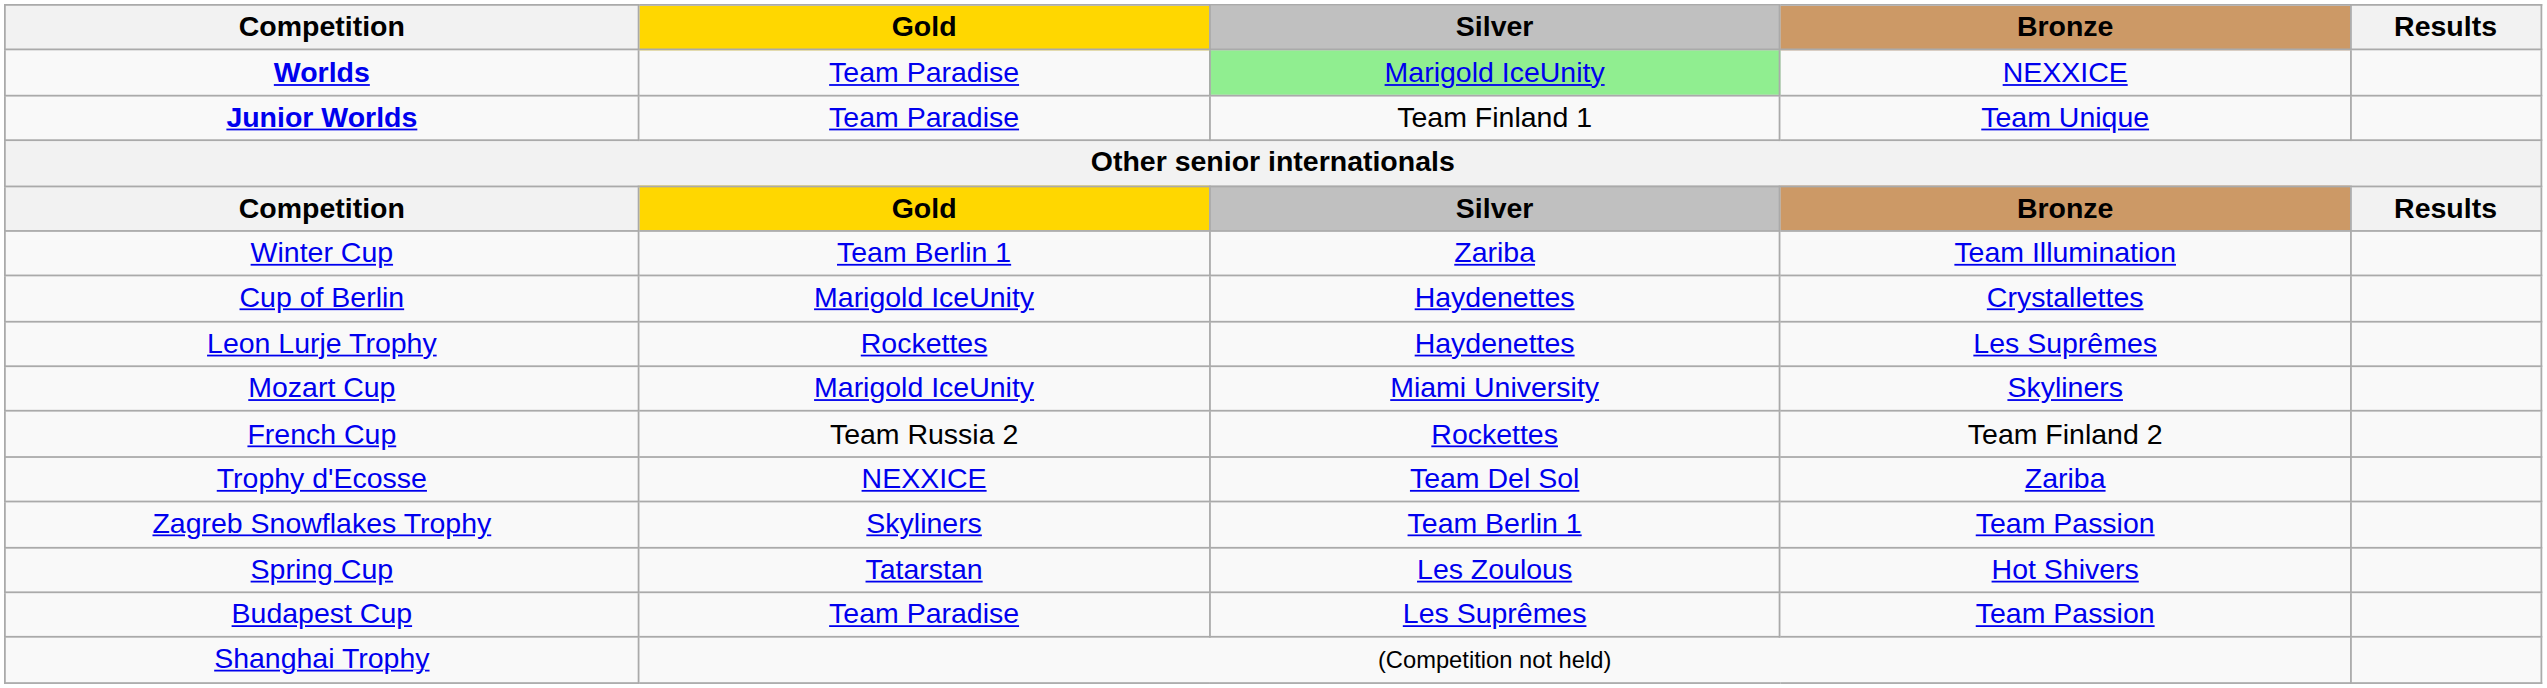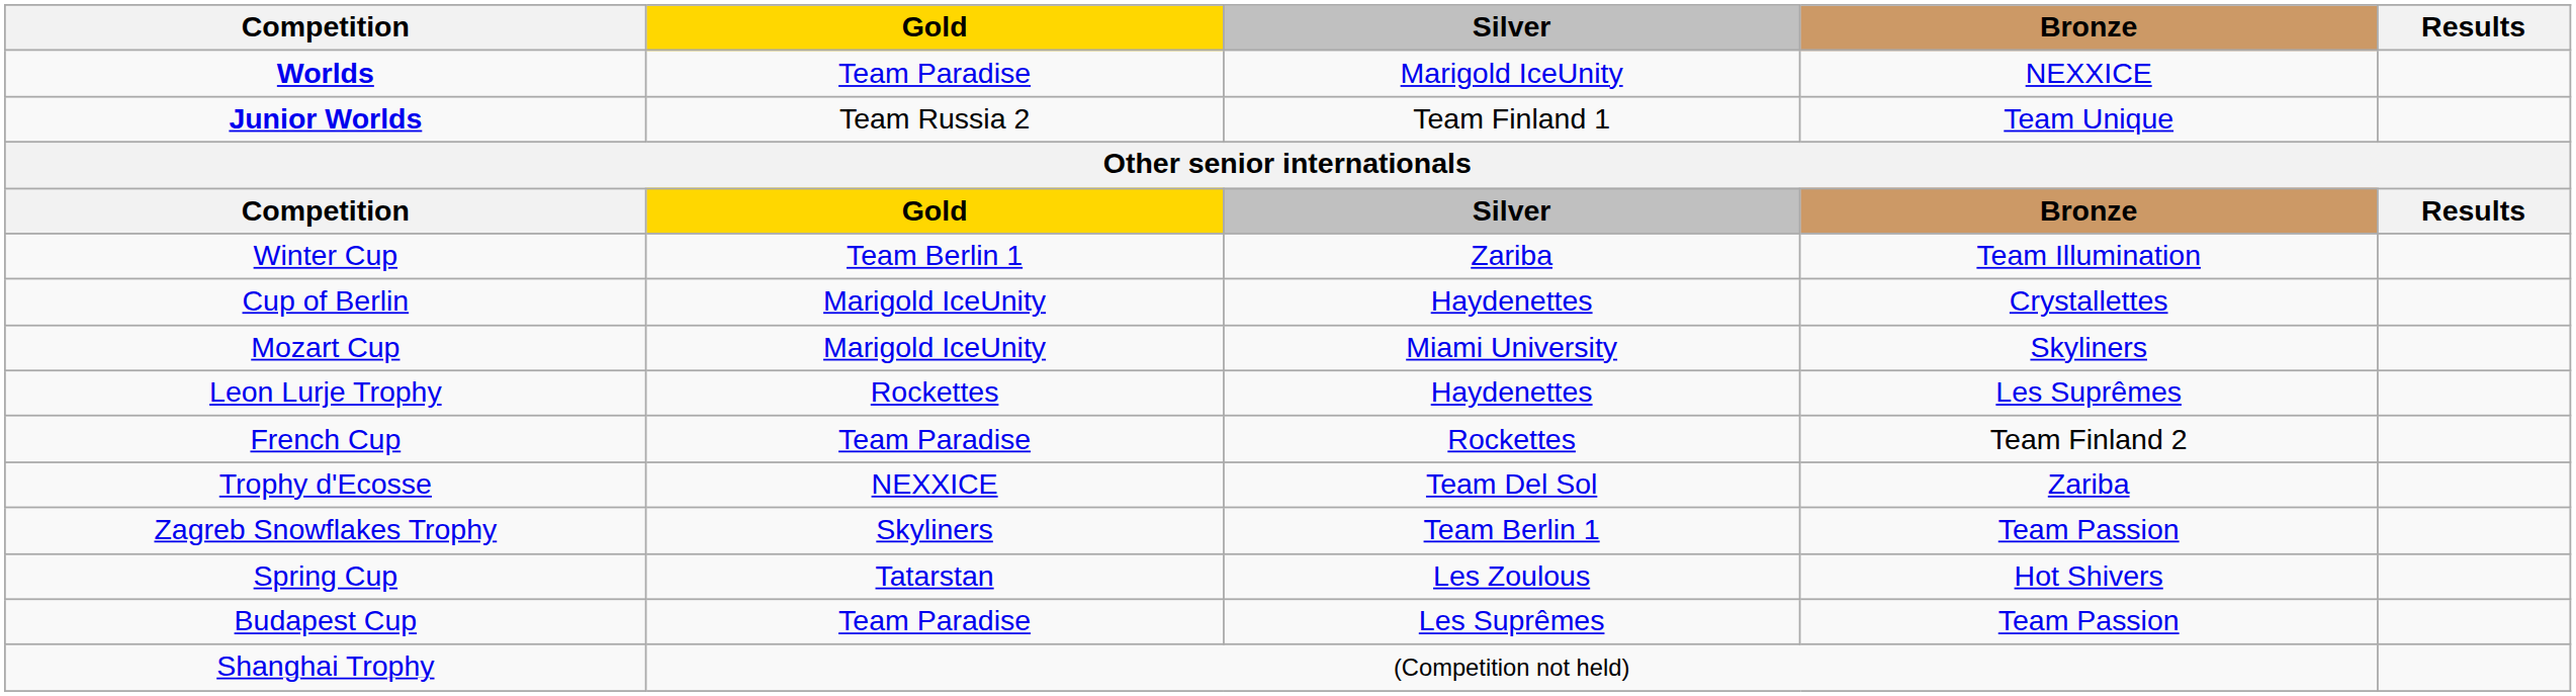 <table class="wikitable" style="text-align:center; width:90%;">
 <tr>
 <th scope="col" style="text-align:center; width:25%;">Competition</th>
 <td scope="col" style="text-align:center; width:22.5%; background:gold"><strong>Gold</strong></td>
 <td scope="col" style="text-align:center; width:22.5%; background:silver"><strong>Silver</strong></td>
 <td scope="col" style="text-align:center; width:22.5%; background:#c96"><strong>Bronze</strong></td>
 <th scope="col" style="text-align:center; width:7.5%;">Results</th>
 </tr>
 <tr>
 <td align="center"><strong><a href='#'>Worlds</a></strong></td>
 <td><a href='#'>Team Paradise</a></td>
-<td style="background: lightgreen;"><a href='#'>Marigold IceUnity</a></td>
+<td><a href='#'>Marigold IceUnity</a></td>
 <td><a href='#'>NEXXICE</a></td>
 <td align="center"></td>
 </tr>
 <tr>
 <td align="center"><a href='#'><strong>Junior Worlds</strong></a></td>
-<td><a href='#'>Team Paradise</a></td>
+<td>Team Russia 2</td>
 <td>Team Finland 1</td>
 <td><a href='#'>Team Unique</a></td>
 <td align="center"></td>
 </tr>
 <tr>
 <th colspan="5">Other senior internationals</th>
 </tr>
 <tr>
 <th scope="col" style="text-align:center; width:25%;">Competition</th>
 <td scope="col" style="text-align:center; width:22.5%; background:gold"><strong>Gold</strong></td>
 <td scope="col" style="text-align:center; width:22.5%; background:silver"><strong>Silver</strong></td>
 <td scope="col" style="text-align:center; width:22.5%; background:#c96"><strong>Bronze</strong></td>
 <th scope="col" style="text-align:center; width:7.5%;">Results</th>
 </tr>
 <tr>
 <td><a href='#'>Winter Cup</a></td>
 <td><a href='#'>Team Berlin 1</a></td>
 <td><a href='#'>Zariba</a></td>
 <td><a href='#'>Team Illumination</a></td>
 <td></td>
 </tr>
 <tr>
 <td align="center"><a href='#'>Cup of Berlin</a></td>
 <td><a href='#'>Marigold IceUnity</a></td>
 <td><a href='#'>Haydenettes</a></td>
 <td><a href='#'>Crystallettes</a></td>
 <td align="center"></td>
 </tr>
 <tr>
+<td align="center"><a href='#'>Mozart Cup</a></td>
+<td><a href='#'>Marigold IceUnity</a></td>
+<td><a href='#'>Miami University</a></td>
+<td><a href='#'>Skyliners</a></td>
+<td align="center"></td>
+</tr>
+<tr>
 <td><a href='#'>Leon Lurje Trophy</a></td>
 <td><a href='#'>Rockettes</a></td>
 <td><a href='#'>Haydenettes</a></td>
 <td><a href='#'>Les Suprêmes</a></td>
 <td></td>
 </tr>
 <tr>
-<td align="center"><a href='#'>Mozart Cup</a></td>
-<td><a href='#'>Marigold IceUnity</a></td>
-<td><a href='#'>Miami University</a></td>
-<td><a href='#'>Skyliners</a></td>
-<td align="center"></td>
-</tr>
-<tr>
 <td><a href='#'>French Cup</a></td>
-<td>Team Russia 2</td>
+<td><a href='#'>Team Paradise</a></td>
 <td><a href='#'>Rockettes</a></td>
 <td>Team Finland 2</td>
 <td></td>
 </tr>
 <tr>
 <td><a href='#'>Trophy d'Ecosse</a></td>
 <td><a href='#'>NEXXICE</a></td>
 <td><a href='#'>Team Del Sol</a></td>
 <td><a href='#'>Zariba</a></td>
 <td></td>
 </tr>
 <tr>
 <td><a href='#'>Zagreb Snowflakes Trophy</a></td>
 <td><a href='#'>Skyliners</a></td>
 <td><a href='#'>Team Berlin 1</a></td>
 <td><a href='#'>Team Passion</a></td>
 <td></td>
 </tr>
 <tr>
 <td><a href='#'>Spring Cup</a></td>
 <td><a href='#'>Tatarstan</a></td>
 <td><a href='#'>Les Zoulous</a></td>
 <td><a href='#'>Hot Shivers</a></td>
 <td></td>
 </tr>
 <tr>
 <td><a href='#'>Budapest Cup</a></td>
 <td><a href='#'>Team Paradise</a></td>
 <td><a href='#'>Les Suprêmes</a></td>
 <td><a href='#'>Team Passion</a></td>
 <td></td>
 </tr>
 <tr>
 <td><a href='#'>Shanghai Trophy</a></td>
 <td colspan="3"><small>(Competition not held)</small></td>
 <td></td>
 </tr>
 </table>
